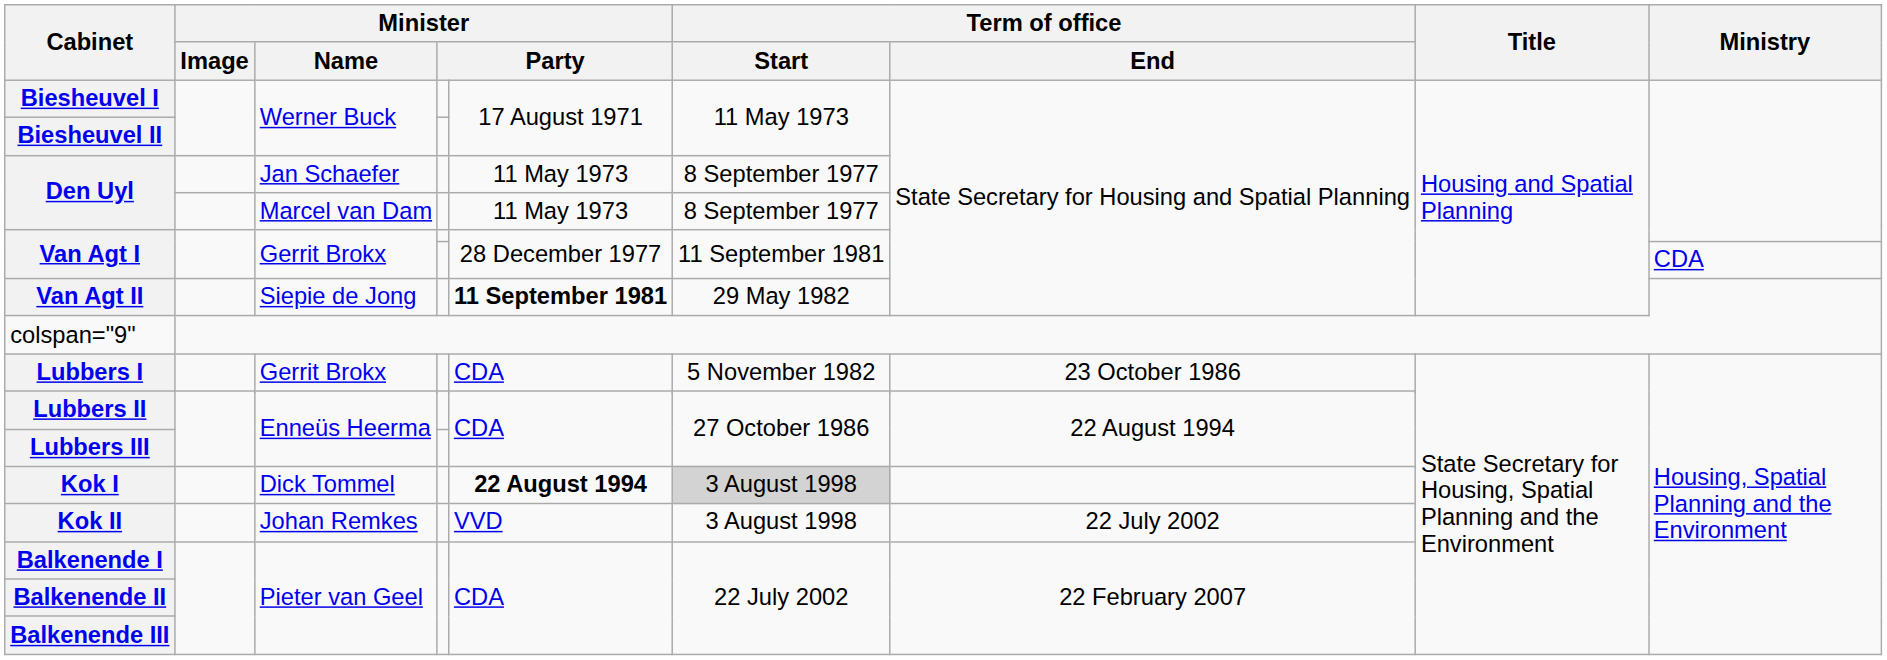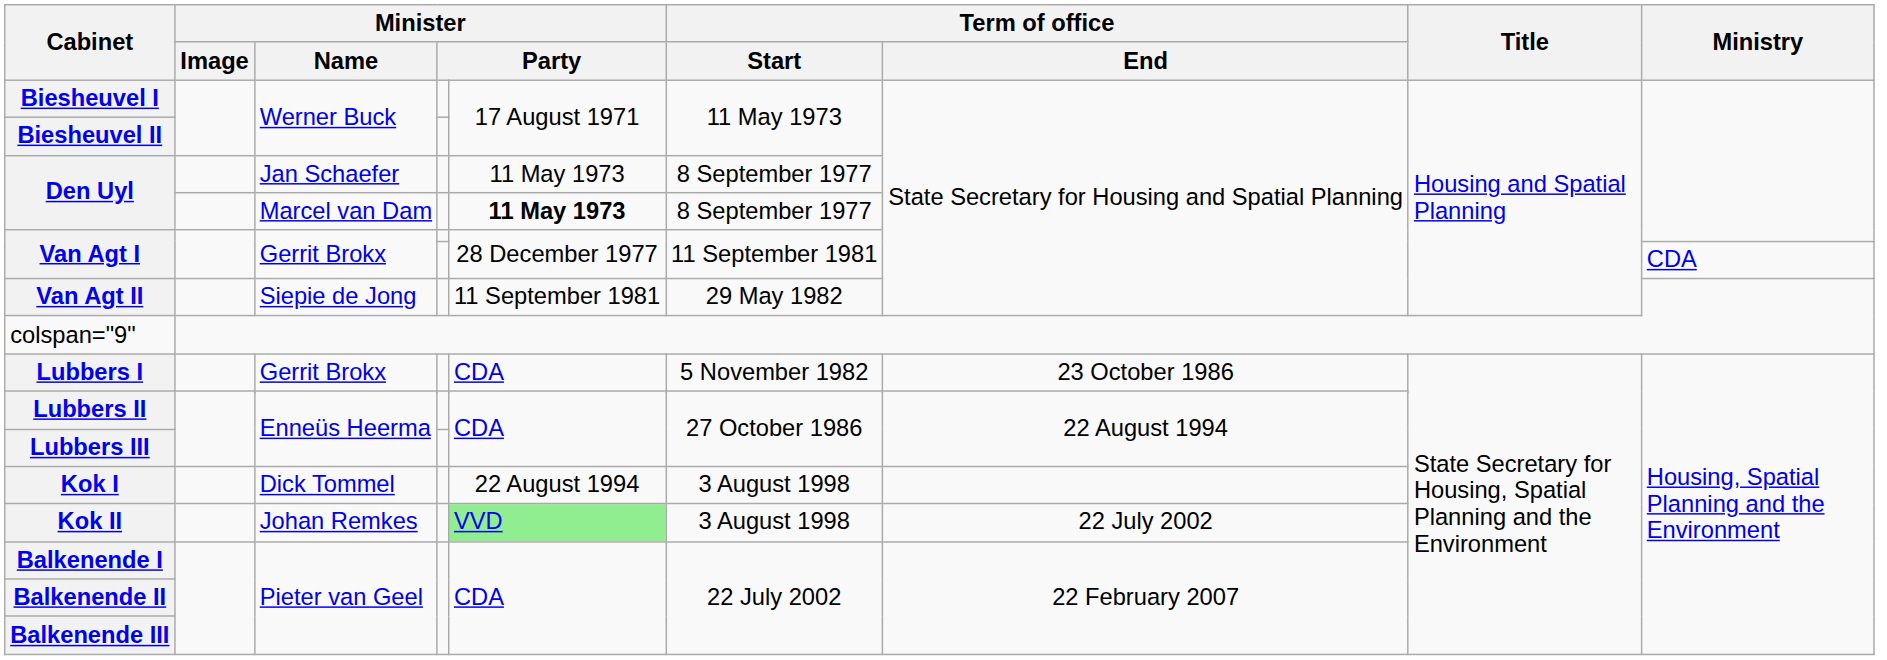 <table class="wikitable plainrowheaders">
 <tr>
 <th rowspan="2">Cabinet</th>
 <th colspan="4">Minister</th>
 <th colspan="2">Term of office</th>
 <th rowspan="2" width="150px">Title</th>
 <th rowspan="2" width="150px">Ministry</th>
 </tr>
 <tr>
 <th width="1px">Image</th>
 <th>Name</th>
 <th colspan="2">Party</th>
 <th>Start</th>
 <th>End</th>
 </tr>
 <tr>
 <th scope="row"><a href='#'>Biesheuvel I</a></th>
 <td rowspan="2"></td>
 <td rowspan="2"><a href='#'>Werner Buck</a></td>
 <td></td>
 <td rowspan="2" style="text-align:center">17 August 1971</td>
 <td rowspan="2" style="text-align:center">11 May 1973</td>
 <td rowspan="7">State Secretary for Housing and Spatial Planning</td>
 <td rowspan="7"><a href='#'>Housing and Spatial Planning</a></td>
 </tr>
 <tr>
 <th scope="row"><a href='#'>Biesheuvel II</a></th>
 </tr>
 <tr>
 <th rowspan="2" scope="row"><a href='#'>Den Uyl</a></th>
 <td></td>
 <td><a href='#'>Jan Schaefer</a></td>
 <td></td>
 <td style="text-align:center">11 May 1973</td>
 <td style="text-align:center">8 September 1977</td>
 </tr>
 <tr>
 <td></td>
 <td><a href='#'>Marcel van Dam</a></td>
 <td></td>
-<td style="text-align:center">11 May 1973</td>
+<td style="text-align:center"><strong>11 May 1973</strong></td>
 <td style="text-align:center">8 September 1977</td>
 </tr>
 <tr>
 <th rowspan="2" scope="row"><a href='#'>Van Agt I</a></th>
 <td rowspan="2"></td>
 <td rowspan="2"><a href='#'>Gerrit Brokx</a></td>
 <td></td>
 <td rowspan="2" style="text-align:center">28 December 1977</td>
 <td rowspan="2" style="text-align:center">11 September 1981</td>
 </tr>
 <tr>
 <td style="background:"></td>
 <td><a href='#'>CDA</a></td>
 </tr>
 <tr>
 <th scope="row"><a href='#'>Van Agt II</a></th>
 <td></td>
 <td><a href='#'>Siepie de Jong</a></td>
 <td></td>
-<td style="text-align:center"><strong>11 September 1981</strong></td>
+<td style="text-align:center">11 September 1981</td>
 <td style="text-align:center">29 May 1982</td>
 </tr>
 <tr>
 <td>colspan="9" </td>
 </tr>
 <tr>
 <th scope="row"><a href='#'>Lubbers I</a></th>
 <td rowspan="2"></td>
 <td rowspan="2"><a href='#'>Gerrit Brokx</a></td>
 <td rowspan="2" style="background:"></td>
 <td rowspan="2"><a href='#'>CDA</a></td>
 <td rowspan="2" style="text-align:center">5 November 1982</td>
 <td rowspan="2" style="text-align:center">23 October 1986</td>
 <td rowspan="9">State Secretary for Housing, Spatial Planning and the Environment</td>
 <td rowspan="9"><a href='#'>Housing, Spatial Planning and the Environment</a></td>
 </tr>
 <tr>
 <th rowspan="2" scope="row"><a href='#'>Lubbers II</a></th>
 </tr>
 <tr>
 <td rowspan="2"></td>
 <td rowspan="2"><a href='#'>Enneüs Heerma</a></td>
 <td height="15px" style="background:"></td>
 <td rowspan="2"><a href='#'>CDA</a></td>
 <td rowspan="2" style="text-align:center">27 October 1986</td>
 <td rowspan="2" style="text-align:center">22 August 1994</td>
 </tr>
 <tr>
 <th scope="row"><a href='#'>Lubbers III</a></th>
 <td style="background:"></td>
 </tr>
 <tr>
 <th scope="row"><a href='#'>Kok I</a></th>
 <td></td>
 <td><a href='#'>Dick Tommel</a></td>
 <td></td>
-<td style="text-align:center"><strong>22 August 1994</strong></td>
-<td style="background: lightgrey; text-align:center">3 August 1998</td>
+<td style="text-align:center">22 August 1994</td>
+<td style="text-align:center">3 August 1998</td>
 </tr>
 <tr>
 <th scope="row"><a href='#'>Kok II</a></th>
 <td></td>
 <td><a href='#'>Johan Remkes</a></td>
 <td style="background:"></td>
-<td><a href='#'>VVD</a></td>
+<td style="background: lightgreen;"><a href='#'>VVD</a></td>
 <td style="text-align:center">3 August 1998</td>
 <td style="text-align:center">22 July 2002</td>
 </tr>
 <tr>
 <th scope="row"><a href='#'>Balkenende I</a></th>
 <td rowspan="3"></td>
 <td rowspan="3"><a href='#'>Pieter van Geel</a></td>
 <td rowspan="3" style="background:"></td>
 <td rowspan="3"><a href='#'>CDA</a></td>
 <td rowspan="3" style="text-align:center">22 July 2002</td>
 <td rowspan="3" style="text-align:center">22 February 2007</td>
 </tr>
 <tr>
 <th scope="row"><a href='#'>Balkenende II</a></th>
 </tr>
 <tr>
 <th scope="row"><a href='#'>Balkenende III</a></th>
 </tr>
 </table>
